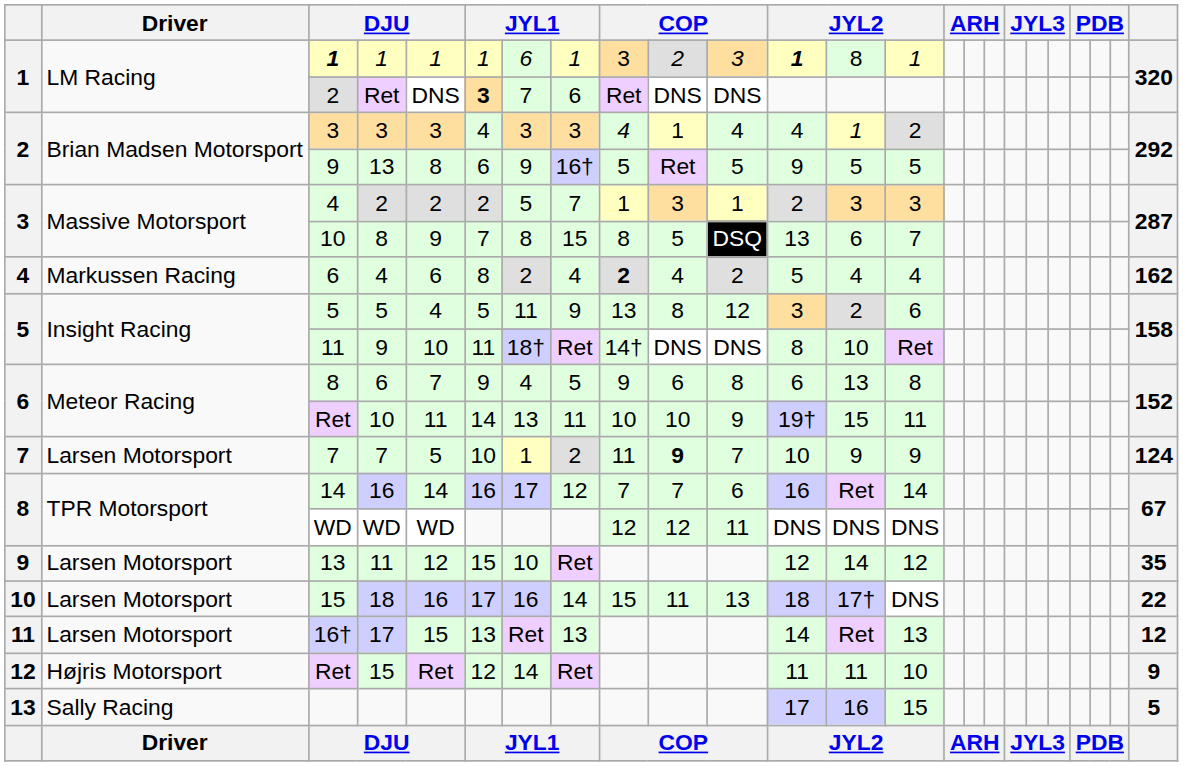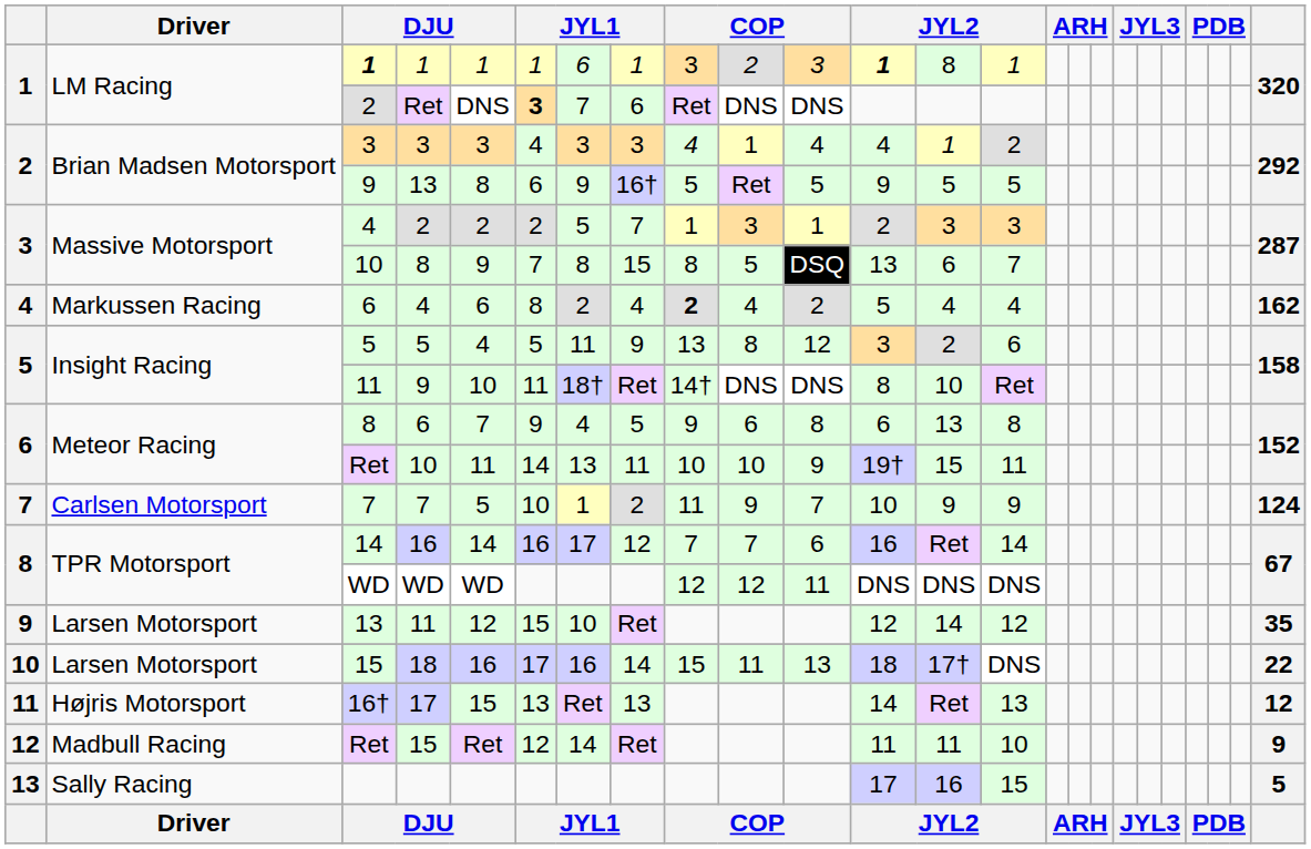 <table align=left| class="wikitable" style="font-size: 85%; text-align: center">
 <tr valign="top">
 <th valign="middle"></th>
 <th valign="middle">Driver</th>
 <th colspan=3><a href='#'>DJU</a></th>
 <th colspan=3><a href='#'>JYL1</a></th>
 <th colspan=3><a href='#'>COP</a></th>
 <th colspan=3><a href='#'>JYL2</a></th>
 <th colspan=3><a href='#'>ARH</a></th>
 <th colspan=3><a href='#'>JYL3</a></th>
 <th colspan=3><a href='#'>PDB</a></th>
 <th valign="middle"></th>
 </tr>
 <tr>
 <th rowspan=2>1</th>
 <td rowspan=2 align="left"> LM Racing</td>
 <td style="background:#ffffbf;"><strong><em>1</em></strong></td>
 <td style="background:#ffffbf;"><em>1</em></td>
 <td style="background:#ffffbf;"><em>1</em></td>
 <td style="background:#ffffbf;"><em>1</em></td>
 <td style="background:#dfffdf;"><em>6</em></td>
 <td style="background:#ffffbf;"><em>1</em></td>
 <td style="background:#ffdf9f;">3</td>
 <td style="background:#dfdfdf;"><em>2</em></td>
 <td style="background:#ffdf9f;"><em>3</em></td>
 <td style="background:#ffffbf;"><strong><em>1</em></strong></td>
 <td style="background:#dfffdf;">8</td>
 <td style="background:#ffffbf;"><em>1</em></td>
 <td></td>
 <td></td>
 <td></td>
 <td></td>
 <td></td>
 <td></td>
 <td></td>
 <td></td>
 <td></td>
 <th rowspan=2>320</th>
 </tr>
 <tr>
 <td style="background:#dfdfdf;">2</td>
 <td style="background:#efcfff;">Ret</td>
 <td style="background:#ffffff;">DNS</td>
 <td style="background:#ffdf9f;"><strong>3</strong></td>
 <td style="background:#dfffdf;">7</td>
 <td style="background:#dfffdf;">6</td>
 <td style="background:#efcfff;">Ret</td>
 <td style="background:#ffffff;">DNS</td>
 <td style="background:#ffffff;">DNS</td>
 <td></td>
 <td></td>
 <td></td>
 <td></td>
 <td></td>
 <td></td>
 <td></td>
 <td></td>
 <td></td>
 <td></td>
 <td></td>
 <td></td>
 </tr>
 <tr>
 <th rowspan=2>2</th>
 <td rowspan=2 align="left"> Brian Madsen Motorsport</td>
 <td style="background:#ffdf9f;">3</td>
 <td style="background:#ffdf9f;">3</td>
 <td style="background:#ffdf9f;">3</td>
 <td style="background:#dfffdf;">4</td>
 <td style="background:#ffdf9f;">3</td>
 <td style="background:#ffdf9f;">3</td>
 <td style="background:#dfffdf;"><em>4</em></td>
 <td style="background:#ffffbf;">1</td>
 <td style="background:#dfffdf;">4</td>
 <td style="background:#dfffdf;">4</td>
 <td style="background:#ffffbf;"><em>1</em></td>
 <td style="background:#dfdfdf;">2</td>
 <td></td>
 <td></td>
 <td></td>
 <td></td>
 <td></td>
 <td></td>
 <td></td>
 <td></td>
 <td></td>
 <th rowspan=2>292</th>
 </tr>
 <tr>
 <td style="background:#dfffdf;">9</td>
 <td style="background:#dfffdf;">13</td>
 <td style="background:#dfffdf;">8</td>
 <td style="background:#dfffdf;">6</td>
 <td style="background:#dfffdf;">9</td>
 <td style="background:#cfcfff;">16†</td>
 <td style="background:#dfffdf;">5</td>
 <td style="background:#efcfff;">Ret</td>
 <td style="background:#dfffdf;">5</td>
 <td style="background:#dfffdf;">9</td>
 <td style="background:#dfffdf;">5</td>
 <td style="background:#dfffdf;">5</td>
 <td></td>
 <td></td>
 <td></td>
 <td></td>
 <td></td>
 <td></td>
 <td></td>
 <td></td>
 <td></td>
 </tr>
 <tr>
 <th rowspan=2>3</th>
 <td rowspan=2 align="left"> Massive Motorsport</td>
 <td style="background:#dfffdf;">4</td>
 <td style="background:#dfdfdf;">2</td>
 <td style="background:#dfdfdf;">2</td>
 <td style="background:#dfdfdf;">2</td>
 <td style="background:#dfffdf;">5</td>
 <td style="background:#dfffdf;">7</td>
 <td style="background:#ffffbf;">1</td>
 <td style="background:#ffdf9f;">3</td>
 <td style="background:#ffffbf;">1</td>
 <td style="background:#dfdfdf;">2</td>
 <td style="background:#ffdf9f;">3</td>
 <td style="background:#ffdf9f;">3</td>
 <td></td>
 <td></td>
 <td></td>
 <td></td>
 <td></td>
 <td></td>
 <td></td>
 <td></td>
 <td></td>
 <th rowspan=2>287</th>
 </tr>
 <tr>
 <td style="background:#dfffdf;">10</td>
 <td style="background:#dfffdf;">8</td>
 <td style="background:#dfffdf;">9</td>
 <td style="background:#dfffdf;">7</td>
 <td style="background:#dfffdf;">8</td>
 <td style="background:#dfffdf;">15</td>
 <td style="background:#dfffdf;">8</td>
 <td style="background:#dfffdf;">5</td>
 <td style="background:#000000; color:#ffffff;">DSQ</td>
 <td style="background:#dfffdf;">13</td>
 <td style="background:#dfffdf;">6</td>
 <td style="background:#dfffdf;">7</td>
 <td></td>
 <td></td>
 <td></td>
 <td></td>
 <td></td>
 <td></td>
 <td></td>
 <td></td>
 <td></td>
 </tr>
 <tr>
 <th>4</th>
 <td align="left"> Markussen Racing</td>
 <td style="background:#dfffdf;">6</td>
 <td style="background:#dfffdf;">4</td>
 <td style="background:#dfffdf;">6</td>
 <td style="background:#dfffdf;">8</td>
 <td style="background:#dfdfdf;">2</td>
 <td style="background:#dfffdf;">4</td>
 <td style="background:#dfdfdf;"><strong>2</strong></td>
 <td style="background:#dfffdf;">4</td>
 <td style="background:#dfdfdf;">2</td>
 <td style="background:#dfffdf;">5</td>
 <td style="background:#dfffdf;">4</td>
 <td style="background:#dfffdf;">4</td>
 <td></td>
 <td></td>
 <td></td>
 <td></td>
 <td></td>
 <td></td>
 <td></td>
 <td></td>
 <td></td>
 <th>162</th>
 </tr>
 <tr>
 <th rowspan=2>5</th>
 <td rowspan=2 align="left"> Insight Racing</td>
 <td style="background:#dfffdf;">5</td>
 <td style="background:#dfffdf;">5</td>
 <td style="background:#dfffdf;">4</td>
 <td style="background:#dfffdf;">5</td>
 <td style="background:#dfffdf;">11</td>
 <td style="background:#dfffdf;">9</td>
 <td style="background:#dfffdf;">13</td>
 <td style="background:#dfffdf;">8</td>
 <td style="background:#dfffdf;">12</td>
 <td style="background:#ffdf9f;">3</td>
 <td style="background:#dfdfdf;">2</td>
 <td style="background:#dfffdf;">6</td>
 <td></td>
 <td></td>
 <td></td>
 <td></td>
 <td></td>
 <td></td>
 <td></td>
 <td></td>
 <td></td>
 <th rowspan=2>158</th>
 </tr>
 <tr>
 <td style="background:#dfffdf;">11</td>
 <td style="background:#dfffdf;">9</td>
 <td style="background:#dfffdf;">10</td>
 <td style="background:#dfffdf;">11</td>
 <td style="background:#cfcfff;">18†</td>
 <td style="background:#efcfff;">Ret</td>
 <td style="background:#dfffdf;">14†</td>
 <td style="background:#ffffff;">DNS</td>
 <td style="background:#ffffff;">DNS</td>
 <td style="background:#dfffdf;">8</td>
 <td style="background:#dfffdf;">10</td>
 <td style="background:#efcfff;">Ret</td>
 <td></td>
 <td></td>
 <td></td>
 <td></td>
 <td></td>
 <td></td>
 <td></td>
 <td></td>
 <td></td>
 </tr>
 <tr>
 <th rowspan=2>6</th>
 <td rowspan=2 align="left"> Meteor Racing</td>
 <td style="background:#dfffdf;">8</td>
 <td style="background:#dfffdf;">6</td>
 <td style="background:#dfffdf;">7</td>
 <td style="background:#dfffdf;">9</td>
 <td style="background:#dfffdf;">4</td>
 <td style="background:#dfffdf;">5</td>
 <td style="background:#dfffdf;">9</td>
 <td style="background:#dfffdf;">6</td>
 <td style="background:#dfffdf;">8</td>
 <td style="background:#dfffdf;">6</td>
 <td style="background:#dfffdf;">13</td>
 <td style="background:#dfffdf;">8</td>
 <td></td>
 <td></td>
 <td></td>
 <td></td>
 <td></td>
 <td></td>
 <td></td>
 <td></td>
 <td></td>
 <th rowspan=2>152</th>
 </tr>
 <tr>
 <td style="background:#efcfff;">Ret</td>
 <td style="background:#dfffdf;">10</td>
 <td style="background:#dfffdf;">11</td>
 <td style="background:#dfffdf;">14</td>
 <td style="background:#dfffdf;">13</td>
 <td style="background:#dfffdf;">11</td>
 <td style="background:#dfffdf;">10</td>
 <td style="background:#dfffdf;">10</td>
 <td style="background:#dfffdf;">9</td>
 <td style="background:#cfcfff;">19†</td>
 <td style="background:#dfffdf;">15</td>
 <td style="background:#dfffdf;">11</td>
 <td></td>
 <td></td>
 <td></td>
 <td></td>
 <td></td>
 <td></td>
 <td></td>
 <td></td>
 <td></td>
 </tr>
 <tr>
 <th>7</th>
-<td align="left"> Larsen Motorsport</td>
+<td align="left"> <a href='#'>Carlsen Motorsport</a></td>
 <td style="background:#dfffdf;">7</td>
 <td style="background:#dfffdf;">7</td>
 <td style="background:#dfffdf;">5</td>
 <td style="background:#dfffdf;">10</td>
 <td style="background:#ffffbf;">1</td>
 <td style="background:#dfdfdf;">2</td>
 <td style="background:#dfffdf;">11</td>
-<td style="background:#dfffdf;"><strong>9</strong></td>
+<td style="background:#dfffdf;">9</td>
 <td style="background:#dfffdf;">7</td>
 <td style="background:#dfffdf;">10</td>
 <td style="background:#dfffdf;">9</td>
 <td style="background:#dfffdf;">9</td>
 <td></td>
 <td></td>
 <td></td>
 <td></td>
 <td></td>
 <td></td>
 <td></td>
 <td></td>
 <td></td>
 <th>124</th>
 </tr>
 <tr>
 <th rowspan=2>8</th>
 <td rowspan=2 align="left"> TPR Motorsport</td>
 <td style="background:#dfffdf;">14</td>
 <td style="background:#cfcfff;">16</td>
 <td style="background:#dfffdf;">14</td>
 <td style="background:#cfcfff;">16</td>
 <td style="background:#cfcfff;">17</td>
 <td style="background:#dfffdf;">12</td>
 <td style="background:#dfffdf;">7</td>
 <td style="background:#dfffdf;">7</td>
 <td style="background:#dfffdf;">6</td>
 <td style="background:#cfcfff;">16</td>
 <td style="background:#efcfff;">Ret</td>
 <td style="background:#dfffdf;">14</td>
 <td></td>
 <td></td>
 <td></td>
 <td></td>
 <td></td>
 <td></td>
 <td></td>
 <td></td>
 <td></td>
 <th rowspan=2>67</th>
 </tr>
 <tr>
 <td style="background:#ffffff;">WD</td>
 <td style="background:#ffffff;">WD</td>
 <td style="background:#ffffff;">WD</td>
 <td></td>
 <td></td>
 <td></td>
 <td style="background:#dfffdf;">12</td>
 <td style="background:#dfffdf;">12</td>
 <td style="background:#dfffdf;">11</td>
 <td style="background:#ffffff;">DNS</td>
 <td style="background:#ffffff;">DNS</td>
 <td style="background:#ffffff;">DNS</td>
 <td></td>
 <td></td>
 <td></td>
 <td></td>
 <td></td>
 <td></td>
 <td></td>
 <td></td>
 <td></td>
 </tr>
 <tr>
 <th>9</th>
 <td align="left"> Larsen Motorsport</td>
 <td style="background:#dfffdf;">13</td>
 <td style="background:#dfffdf;">11</td>
 <td style="background:#dfffdf;">12</td>
 <td style="background:#dfffdf;">15</td>
 <td style="background:#dfffdf;">10</td>
 <td style="background:#efcfff;">Ret</td>
 <td></td>
 <td></td>
 <td></td>
 <td style="background:#dfffdf;">12</td>
 <td style="background:#dfffdf;">14</td>
 <td style="background:#dfffdf;">12</td>
 <td></td>
 <td></td>
 <td></td>
 <td></td>
 <td></td>
 <td></td>
 <td></td>
 <td></td>
 <td></td>
 <th>35</th>
 </tr>
 <tr>
 <th>10</th>
 <td align="left"> Larsen Motorsport</td>
 <td style="background:#dfffdf;">15</td>
 <td style="background:#cfcfff;">18</td>
 <td style="background:#cfcfff;">16</td>
 <td style="background:#cfcfff;">17</td>
 <td style="background:#cfcfff;">16</td>
 <td style="background:#dfffdf;">14</td>
 <td style="background:#dfffdf;">15</td>
 <td style="background:#dfffdf;">11</td>
 <td style="background:#dfffdf;">13</td>
 <td style="background:#cfcfff;">18</td>
 <td style="background:#cfcfff;">17†</td>
 <td style="background:#ffffff;">DNS</td>
 <td></td>
 <td></td>
 <td></td>
 <td></td>
 <td></td>
 <td></td>
 <td></td>
 <td></td>
 <td></td>
 <th>22</th>
 </tr>
 <tr>
 <th>11</th>
-<td align="left"> Larsen Motorsport</td>
+<td align="left"> Højris Motorsport</td>
 <td style="background:#cfcfff;">16†</td>
 <td style="background:#cfcfff;">17</td>
 <td style="background:#dfffdf;">15</td>
 <td style="background:#dfffdf;">13</td>
 <td style="background:#efcfff;">Ret</td>
 <td style="background:#dfffdf;">13</td>
 <td></td>
 <td></td>
 <td></td>
 <td style="background:#dfffdf;">14</td>
 <td style="background:#efcfff;">Ret</td>
 <td style="background:#dfffdf;">13</td>
 <td></td>
 <td></td>
 <td></td>
 <td></td>
 <td></td>
 <td></td>
 <td></td>
 <td></td>
 <td></td>
 <th>12</th>
 </tr>
 <tr>
 <th>12</th>
-<td align="left"> Højris Motorsport</td>
+<td align="left"> Madbull Racing</td>
 <td style="background:#efcfff;">Ret</td>
 <td style="background:#dfffdf;">15</td>
 <td style="background:#efcfff;">Ret</td>
 <td style="background:#dfffdf;">12</td>
 <td style="background:#dfffdf;">14</td>
 <td style="background:#efcfff;">Ret</td>
 <td></td>
 <td></td>
 <td></td>
 <td style="background:#dfffdf;">11</td>
 <td style="background:#dfffdf;">11</td>
 <td style="background:#dfffdf;">10</td>
 <td></td>
 <td></td>
 <td></td>
 <td></td>
 <td></td>
 <td></td>
 <td></td>
 <td></td>
 <td></td>
 <th>9</th>
 </tr>
 <tr>
 <th>13</th>
 <td align="left"> Sally Racing</td>
 <td></td>
 <td></td>
 <td></td>
 <td></td>
 <td></td>
 <td></td>
 <td></td>
 <td></td>
 <td></td>
 <td style="background:#cfcfff;">17</td>
 <td style="background:#cfcfff;">16</td>
 <td style="background:#dfffdf;">15</td>
 <td></td>
 <td></td>
 <td></td>
 <td></td>
 <td></td>
 <td></td>
 <td></td>
 <td></td>
 <td></td>
 <th>5</th>
 </tr>
 <tr valign="top">
 <th valign="middle"></th>
 <th valign="middle">Driver</th>
 <th colspan=3><a href='#'>DJU</a></th>
 <th colspan=3><a href='#'>JYL1</a></th>
 <th colspan=3><a href='#'>COP</a></th>
 <th colspan=3><a href='#'>JYL2</a></th>
 <th colspan=3><a href='#'>ARH</a></th>
 <th colspan=3><a href='#'>JYL3</a></th>
 <th colspan=3><a href='#'>PDB</a></th>
 <th valign="middle"></th>
 </tr>
 </table>
